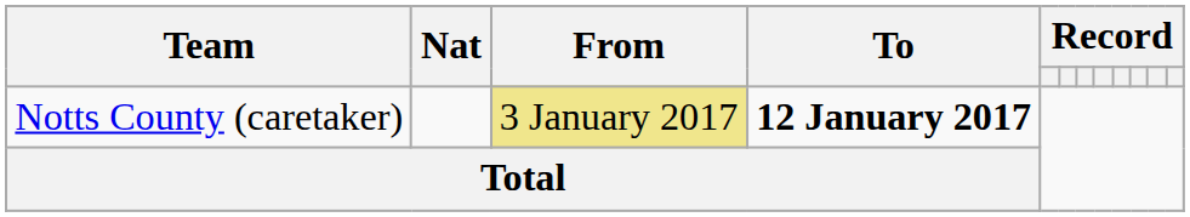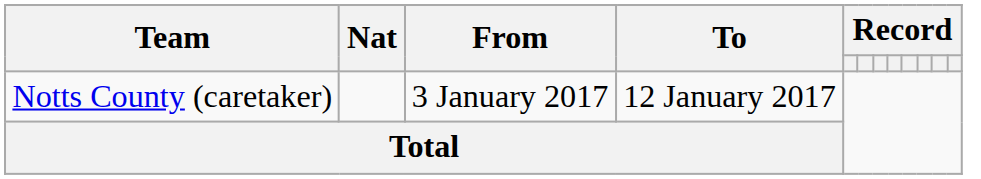 <table class="wikitable" style="text-align: center">
 <tr>
 <th rowspan="2">Team</th>
 <th rowspan="2">Nat</th>
 <th rowspan="2">From</th>
 <th rowspan="2">To</th>
 <th colspan="8">Record</th>
 </tr>
 <tr>
 <th></th>
 <th></th>
 <th></th>
 <th></th>
 <th></th>
 <th></th>
 <th></th>
 <th></th>
 </tr>
 <tr>
 <td align=left><a href='#'>Notts County</a> (caretaker)</td>
 <td></td>
-<td align=left style="background: khaki;">3 January 2017</td>
-<td align=left><strong>12 January 2017<br></strong></td>
+<td align=left>3 January 2017</td>
+<td align=left>12 January 2017<br></td>
 </tr>
 <tr>
 <th colspan=4>Total<br></th>
 </tr>
 </table>
